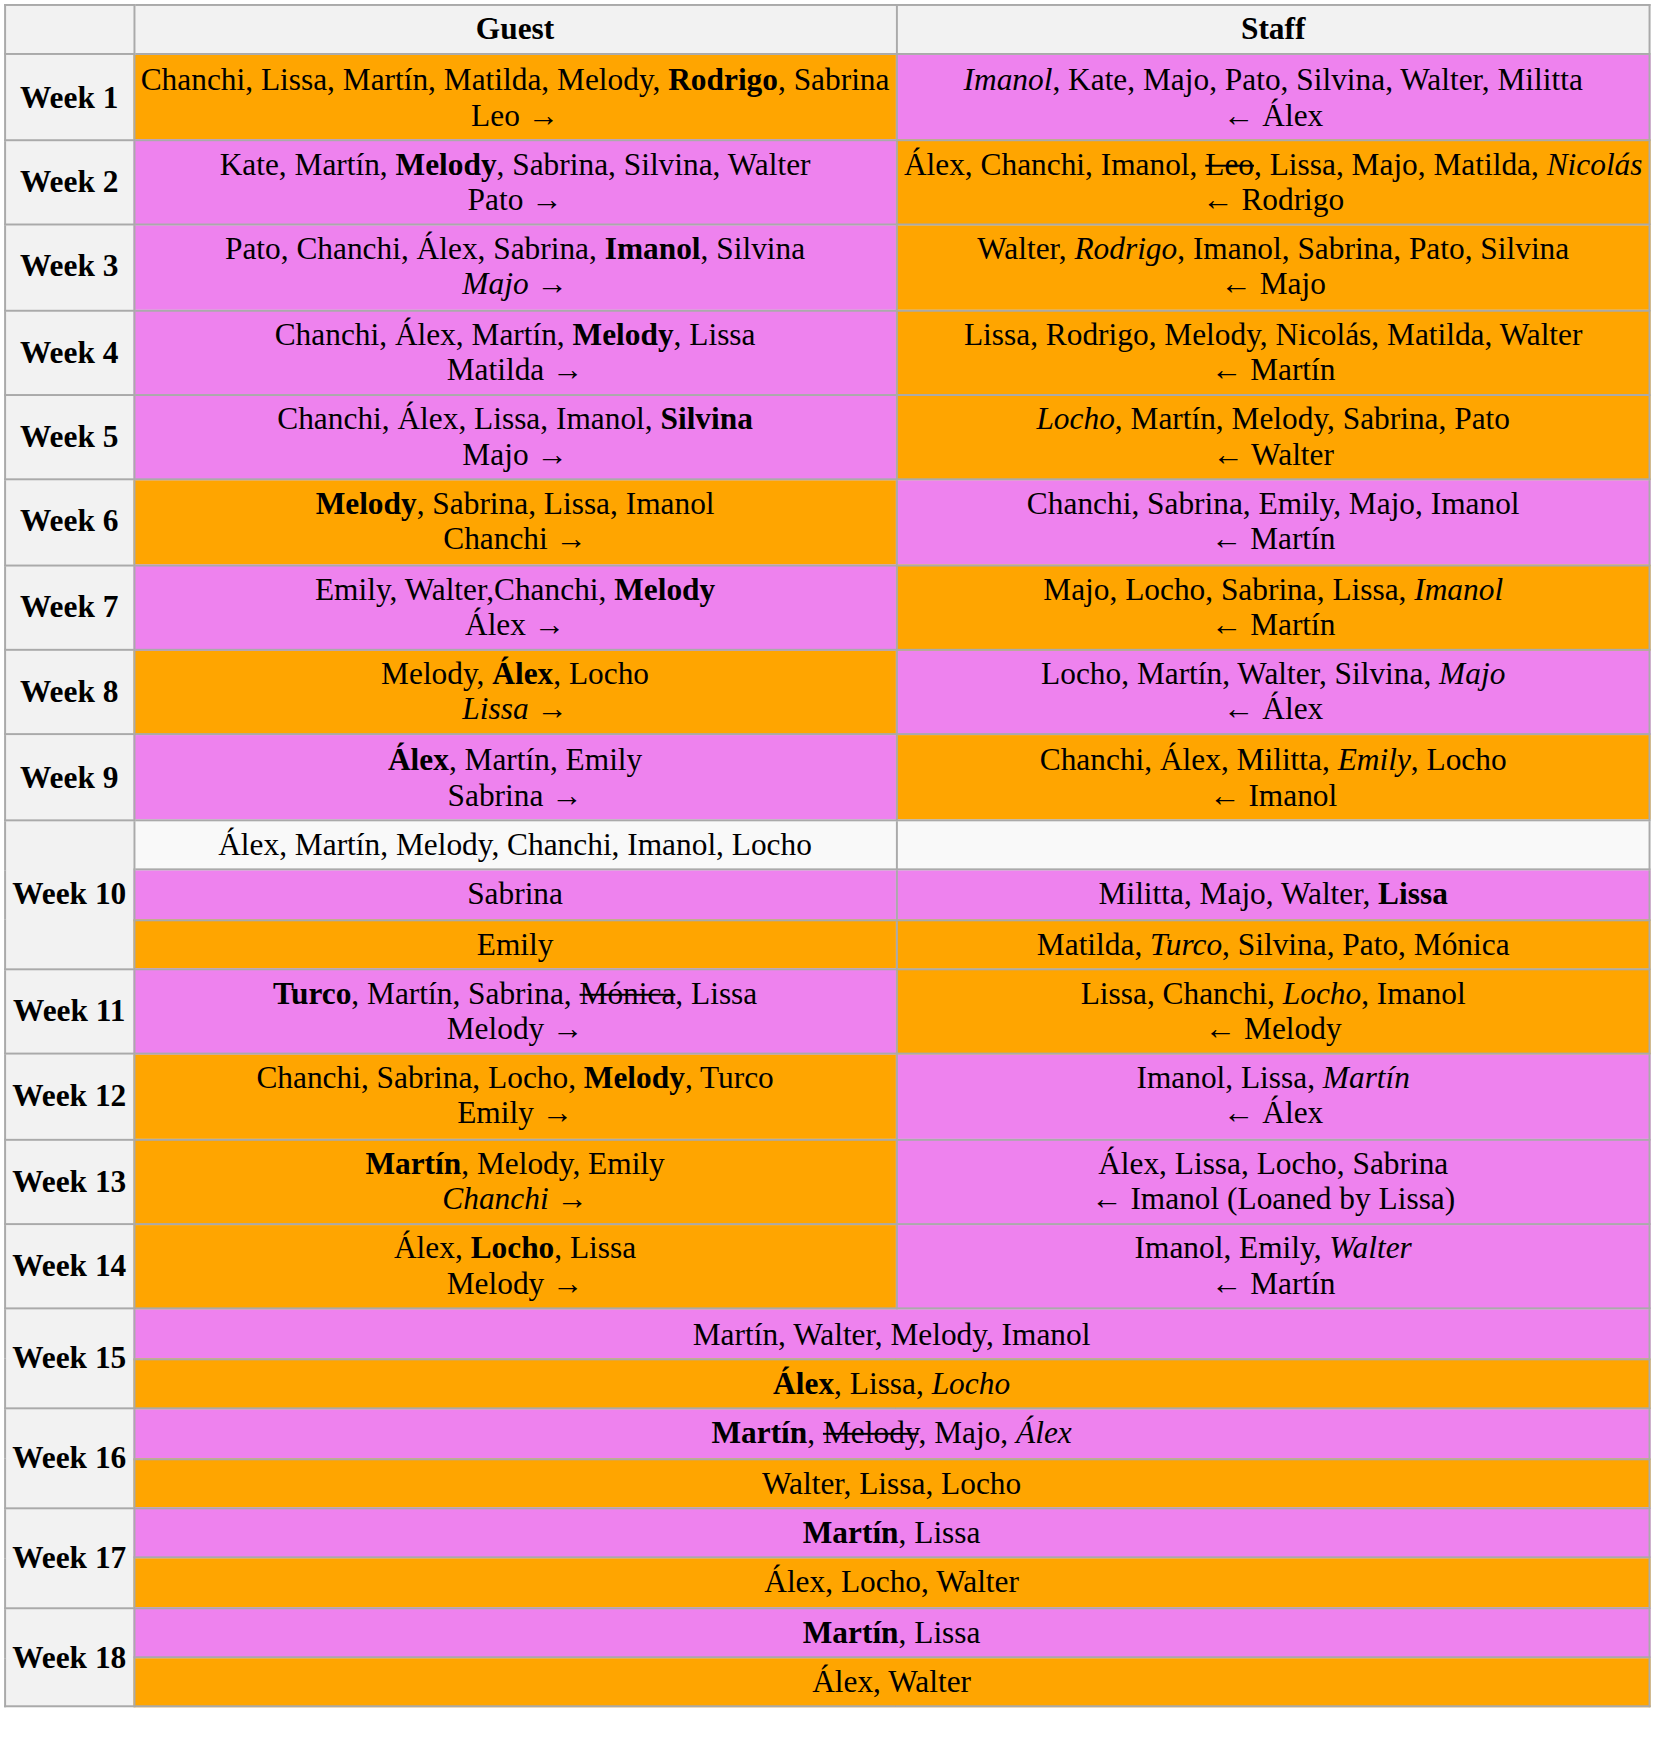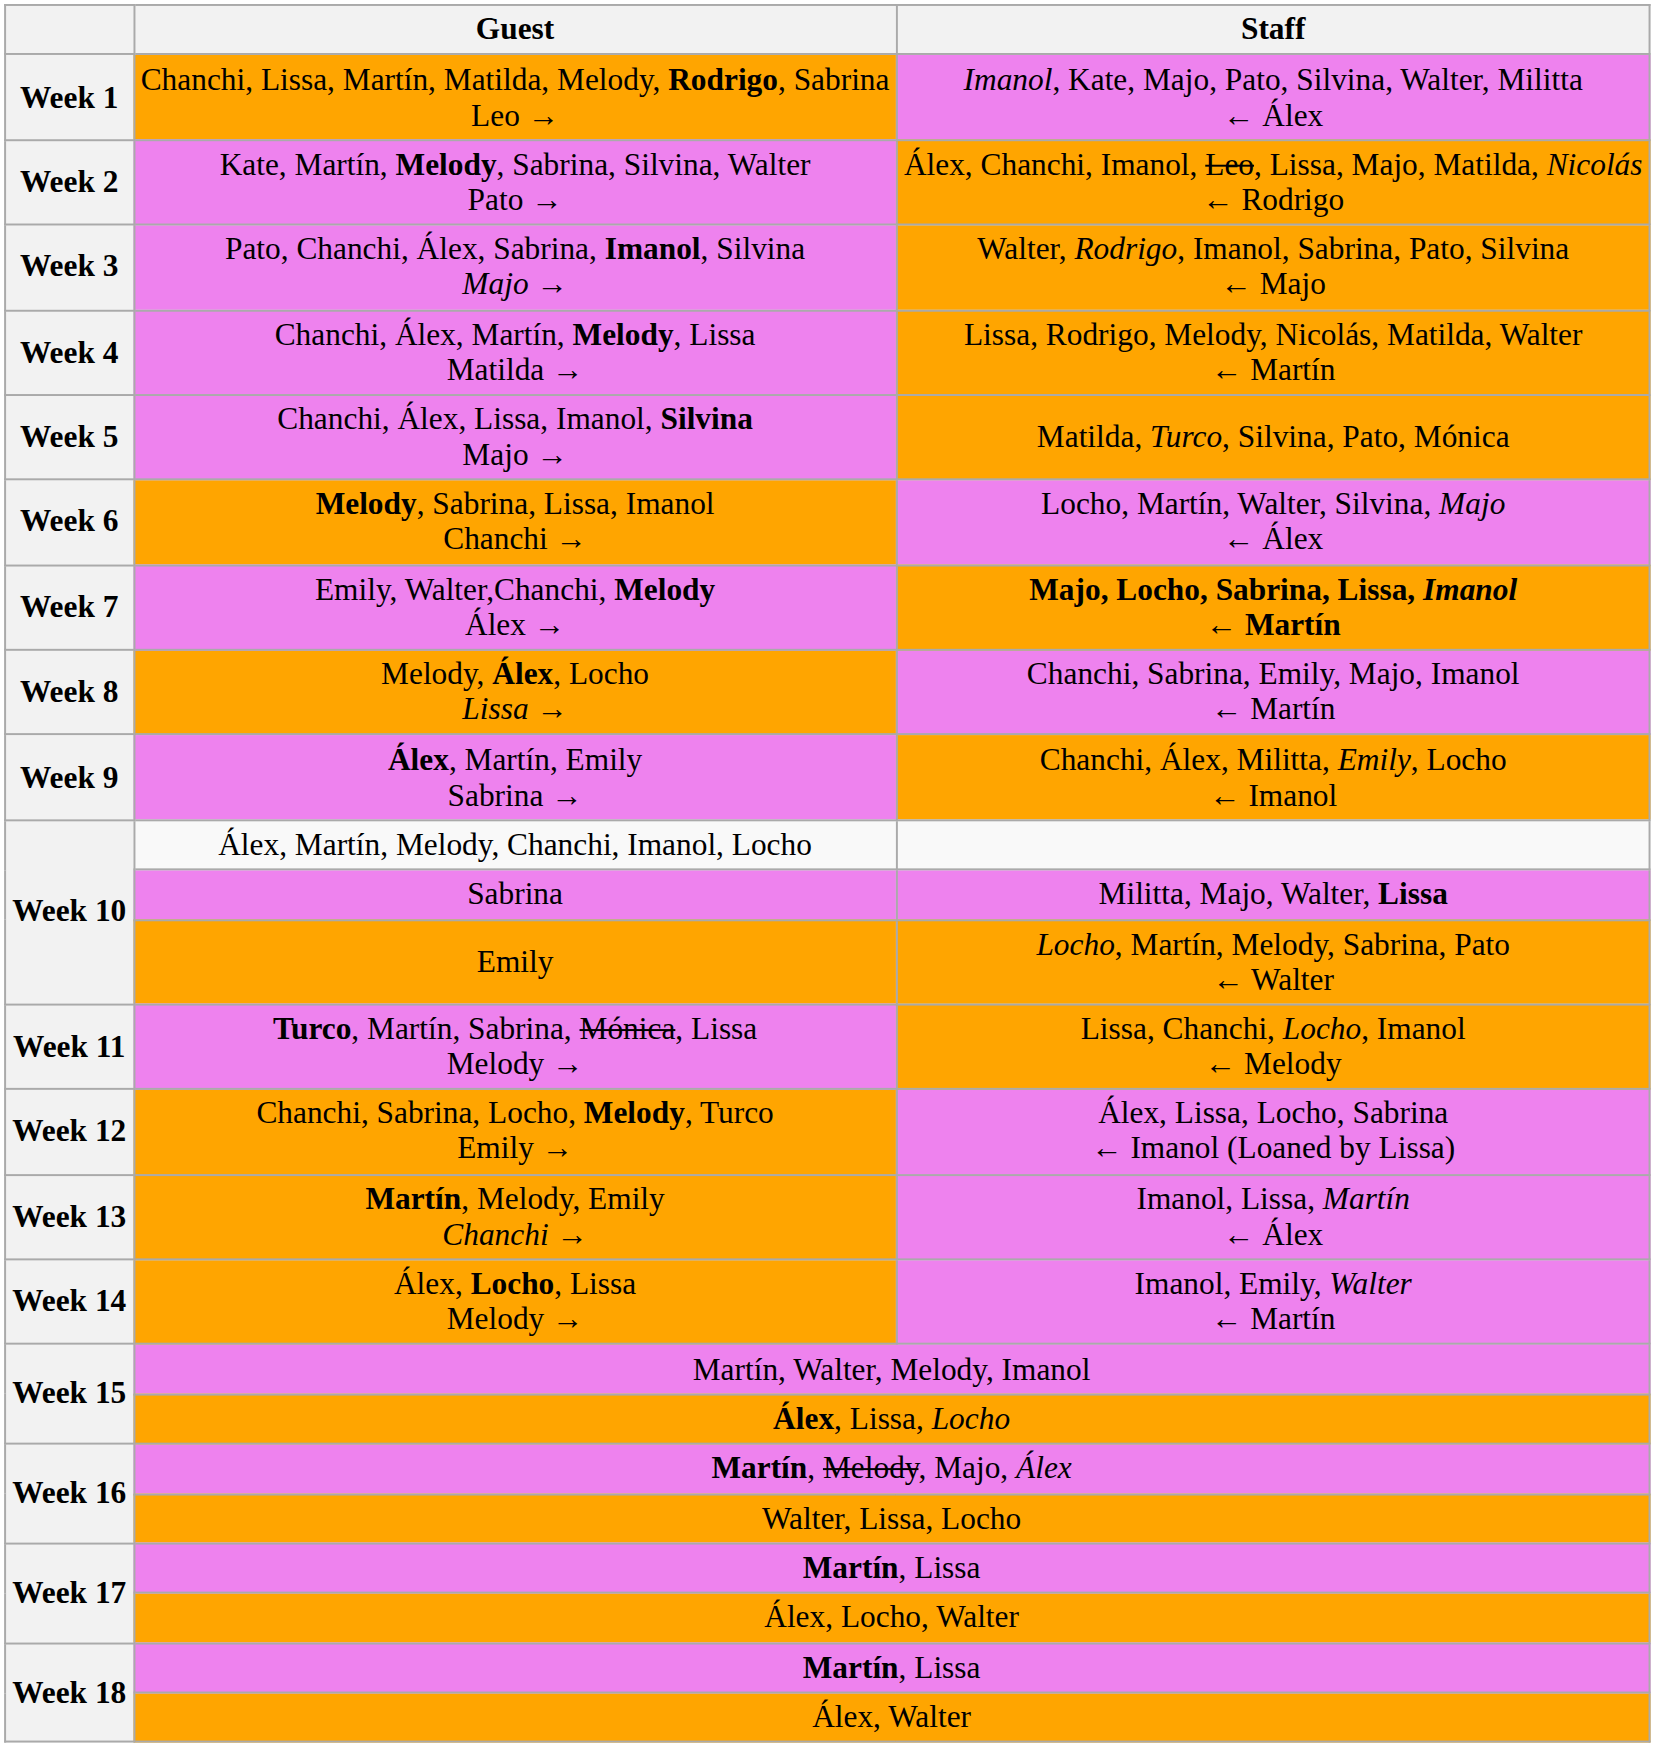 <table class="wikitable collapsible collapsed" style="margin:auto; text-align:center">
 <tr>
 <th></th>
 <th><strong>Guest</strong></th>
 <th><strong>Staff</strong></th>
 </tr>
 <tr>
 <th>Week 1</th>
 <td style="background-color:orange;">Chanchi, Lissa, Martín, Matilda, Melody, <strong>Rodrigo</strong>, Sabrina<br>Leo →</td>
 <td style="background-color:violet;"><em>Imanol</em>, Kate, Majo, Pato, Silvina, Walter, Militta<br>← Álex</td>
 </tr>
 <tr>
 <th>Week 2</th>
 <td style="background-color:violet;">Kate, Martín, <strong>Melody</strong>, Sabrina, Silvina, Walter<br>Pato →</td>
 <td style="background-color:orange;">Álex, Chanchi, Imanol, <s>Leo</s>, Lissa, Majo, Matilda, <em>Nicolás</em><br>← Rodrigo</td>
 </tr>
 <tr>
 <th>Week 3</th>
 <td style="background-color:violet;">Pato, Chanchi, Álex, Sabrina, <strong>Imanol</strong>, Silvina<br><em>Majo</em> →</td>
 <td style="background-color:orange;">Walter, <em>Rodrigo</em>, Imanol, Sabrina, Pato, Silvina<br>← Majo</td>
 </tr>
 <tr>
 <th>Week 4</th>
 <td style="background-color:violet;">Chanchi, Álex, Martín, <strong>Melody</strong>, Lissa<br>Matilda →</td>
 <td style="background-color:orange;">Lissa, Rodrigo, Melody, Nicolás, Matilda, Walter<br>← Martín</td>
 </tr>
 <tr>
 <th>Week 5</th>
 <td style="background-color:violet;">Chanchi, Álex, Lissa, Imanol, <strong>Silvina</strong><br>Majo →</td>
-<td style="background-color:orange;"><em>Locho</em>, Martín, Melody, Sabrina, Pato<br>← Walter</td>
+<td style="background-color:orange;">Matilda, <em>Turco</em>, Silvina, Pato, Mónica</td>
 </tr>
 <tr>
 <th>Week 6</th>
 <td style="background-color:orange;"><strong>Melody</strong>, Sabrina, Lissa, Imanol<br>Chanchi →</td>
-<td style="background-color:violet;">Chanchi, Sabrina, Emily, Majo, Imanol<br>← Martín</td>
+<td style="background-color:violet;">Locho, Martín, Walter, Silvina, <em>Majo</em><br>← Álex</td>
 </tr>
 <tr>
 <th>Week 7</th>
 <td style="background-color:violet;">Emily, Walter,Chanchi, <strong>Melody</strong><br>Álex →</td>
-<td style="background-color:orange;">Majo, Locho, Sabrina, Lissa, <em>Imanol</em><br>← Martín</td>
+<td style="background-color:orange;"><strong>Majo, Locho, Sabrina, Lissa, <em>Imanol</em><br>← Martín</strong></td>
 </tr>
 <tr>
 <th>Week 8</th>
 <td style="background-color:orange;">Melody, <strong>Álex</strong>, Locho<br><em>Lissa</em> →</td>
-<td style="background-color:violet;">Locho, Martín, Walter, Silvina, <em>Majo</em><br>← Álex</td>
+<td style="background-color:violet;">Chanchi, Sabrina, Emily, Majo, Imanol<br>← Martín</td>
 </tr>
 <tr>
 <th>Week 9</th>
 <td style="background-color:violet;"><strong>Álex</strong>, Martín, Emily<br>Sabrina →</td>
 <td style="background-color:orange;">Chanchi, Álex, Militta, <em>Emily</em>, Locho<br>← Imanol</td>
 </tr>
 <tr>
 <th rowspan="3">Week 10</th>
 <td>Álex, Martín, Melody, Chanchi, Imanol, Locho</td>
 <td></td>
 </tr>
 <tr>
 <td style="background-color:violet;">Sabrina</td>
 <td style="background-color:violet;">Militta, Majo, Walter, <strong>Lissa</strong></td>
 </tr>
 <tr>
 <td style="background-color:orange;">Emily</td>
-<td style="background-color:orange;">Matilda, <em>Turco</em>, Silvina, Pato, Mónica</td>
+<td style="background-color:orange;"><em>Locho</em>, Martín, Melody, Sabrina, Pato<br>← Walter</td>
 </tr>
 <tr>
 <th>Week 11</th>
 <td style="background-color:violet;"><strong>Turco</strong>, Martín, Sabrina, <s>Mónica</s>, Lissa<br>Melody →</td>
 <td style="background-color:orange;">Lissa, Chanchi, <em>Locho</em>, Imanol<br>← Melody</td>
 </tr>
 <tr>
 <th>Week 12</th>
 <td style="background-color:orange;">Chanchi, Sabrina, Locho, <strong>Melody</strong>, Turco<br>Emily →</td>
-<td style="background-color:violet;">Imanol, Lissa, <em>Martín</em><br>← Álex</td>
+<td style="background-color:violet;">Álex, Lissa, Locho, Sabrina<br>← Imanol (Loaned by Lissa)</td>
 </tr>
 <tr>
 <th>Week 13</th>
 <td style="background-color:orange;"><strong>Martín</strong>, Melody, Emily<br><em>Chanchi</em> →</td>
-<td style="background-color:violet;">Álex, Lissa, Locho, Sabrina<br>← Imanol (Loaned by Lissa)</td>
+<td style="background-color:violet;">Imanol, Lissa, <em>Martín</em><br>← Álex</td>
 </tr>
 <tr>
 <th>Week 14</th>
 <td style="background-color:orange;">Álex, <strong>Locho</strong>, Lissa<br>Melody →</td>
 <td style="background-color:violet;">Imanol, Emily, <em>Walter</em><br>← Martín</td>
 </tr>
 <tr>
 <th rowspan="2">Week 15</th>
 <td colspan="2" style="background-color:violet;">Martín, Walter, Melody, Imanol</td>
 </tr>
 <tr>
 <td colspan="2" style="background-color:orange;"><strong>Álex</strong>, Lissa, <em>Locho</em></td>
 </tr>
 <tr>
 <th rowspan="2">Week 16</th>
 <td colspan="2" style="background-color:violet;"><strong>Martín</strong>, <s>Melody</s>, Majo, <em>Álex</em></td>
 </tr>
 <tr>
 <td colspan="2" style="background-color:orange;">Walter, Lissa, Locho</td>
 </tr>
 <tr>
 <th rowspan="2">Week 17</th>
 <td colspan="2" style="background-color:violet;"><strong>Martín</strong>, Lissa</td>
 </tr>
 <tr>
 <td colspan="2" style="background-color:orange;">Álex, Locho, Walter</td>
 </tr>
 <tr>
 <th rowspan="2">Week 18</th>
 <td colspan="2" style="background-color:violet;"><strong>Martín</strong>, Lissa</td>
 </tr>
 <tr>
 <td colspan="2" style="background-color:orange;">Álex, Walter</td>
 </tr>
 </table>
